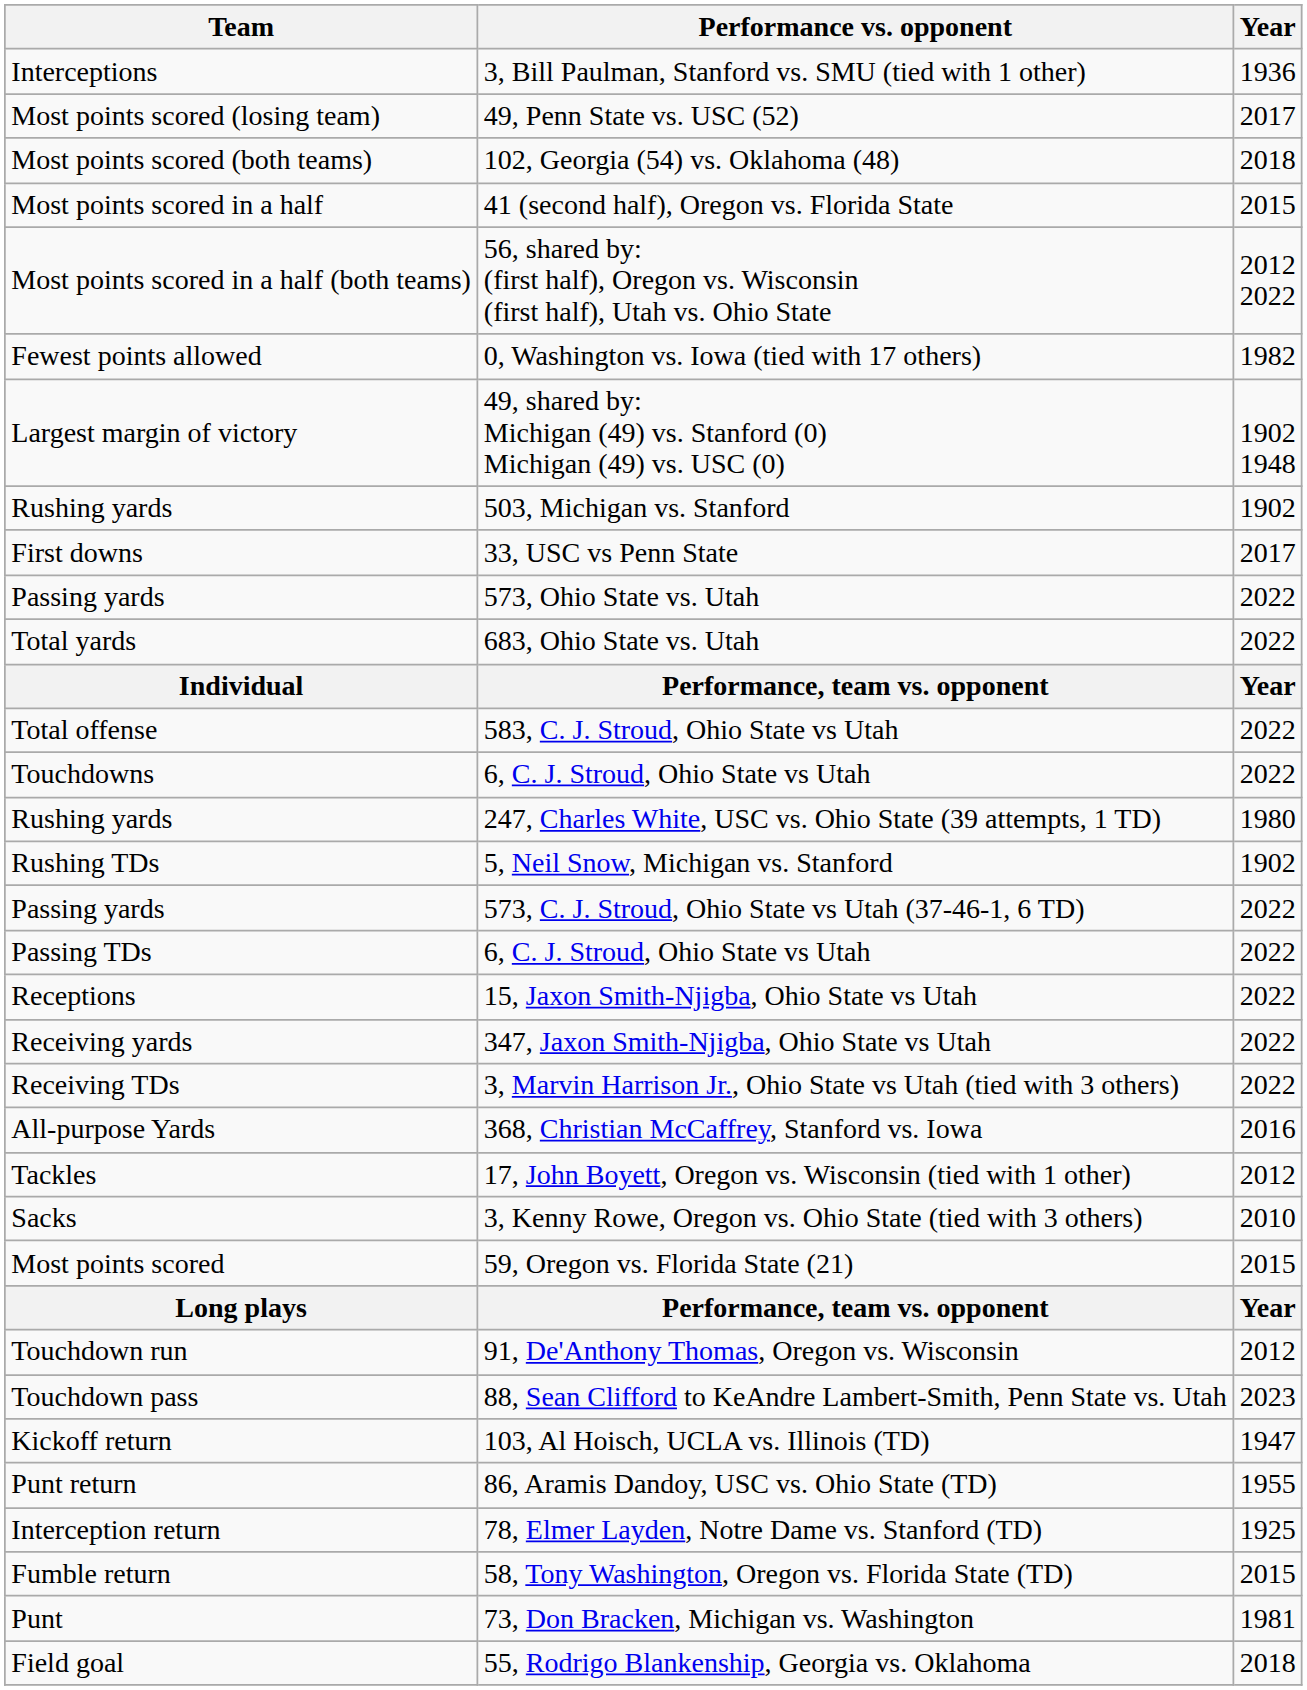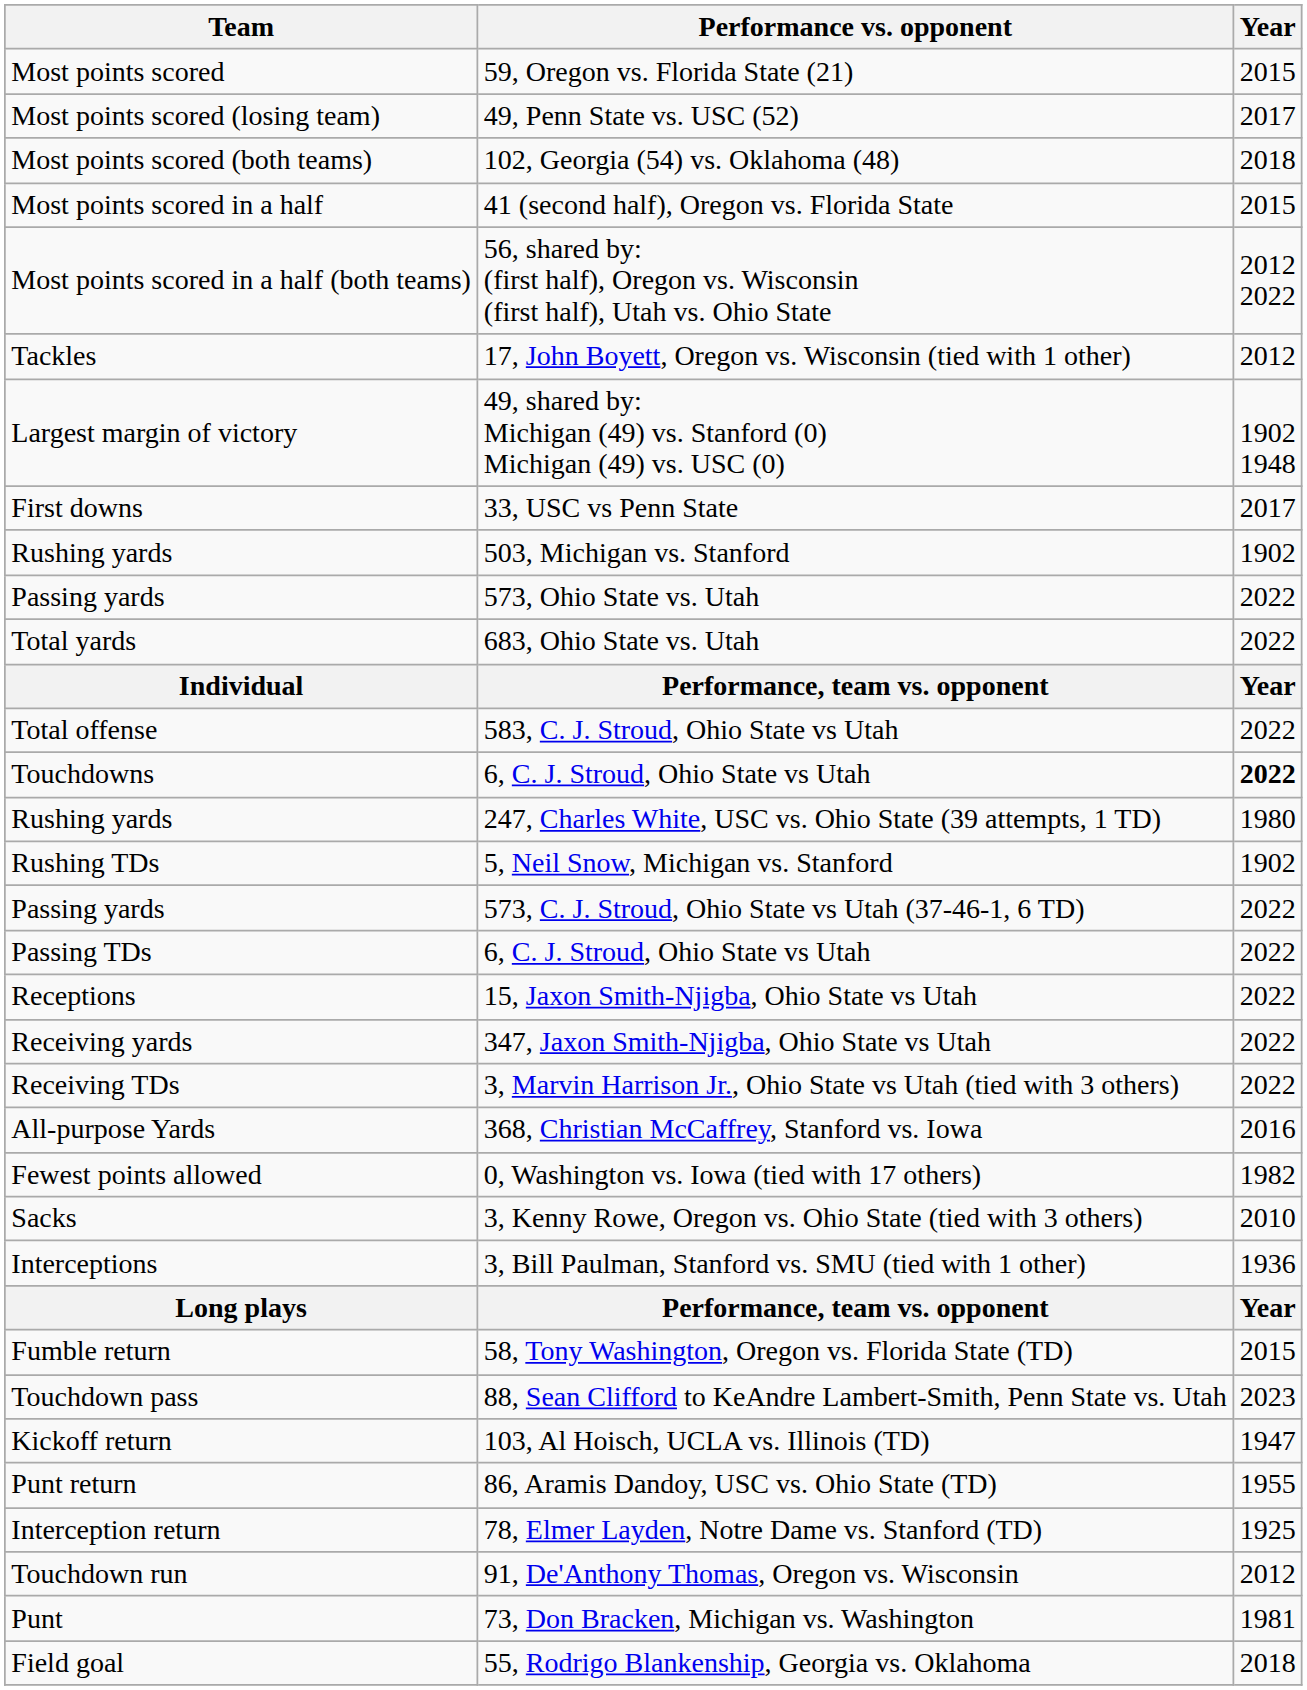 <table class="wikitable">
 <tr>
 <th>Team</th>
 <th>Performance vs. opponent</th>
 <th>Year</th>
 </tr>
 <tr>
-<td>Interceptions</td>
-<td>3, Bill Paulman, Stanford vs. SMU (tied with 1 other)</td>
-<td>1936</td>
+<td>Most points scored</td>
+<td>59, Oregon vs. Florida State (21)</td>
+<td>2015</td>
 </tr>
 <tr>
 <td>Most points scored (losing team)</td>
 <td>49, Penn State vs. USC (52)</td>
 <td>2017</td>
 </tr>
 <tr>
 <td>Most points scored (both teams)</td>
 <td>102, Georgia (54) vs. Oklahoma (48)</td>
 <td>2018</td>
 </tr>
 <tr>
 <td>Most points scored in a half</td>
 <td>41 (second half), Oregon vs. Florida State</td>
 <td>2015</td>
 </tr>
 <tr>
 <td>Most points scored in a half (both teams)</td>
 <td>56, shared by:<br>(first half), Oregon vs. Wisconsin <br>(first half), Utah vs. Ohio State</td>
 <td>2012<br>2022</td>
 </tr>
 <tr>
-<td>Fewest points allowed</td>
-<td>0, Washington vs. Iowa (tied with 17 others)</td>
-<td>1982</td>
+<td>Tackles</td>
+<td>17, <a href='#'>John Boyett</a>, Oregon vs. Wisconsin (tied with 1 other)</td>
+<td>2012</td>
 </tr>
 <tr>
 <td>Largest margin of victory</td>
 <td>49, shared by:<br>Michigan (49) vs. Stanford (0)<br>Michigan (49) vs. USC (0)</td>
 <td><br>1902<br>1948</td>
 </tr>
 <tr>
+<td>First downs</td>
+<td>33, USC vs Penn State</td>
+<td>2017</td>
+</tr>
+<tr>
 <td>Rushing yards</td>
 <td>503, Michigan vs. Stanford</td>
 <td>1902</td>
-</tr>
-<tr>
-<td>First downs</td>
-<td>33, USC vs Penn State</td>
-<td>2017</td>
 </tr>
 <tr>
 <td>Passing yards</td>
 <td>573, Ohio State vs. Utah</td>
 <td>2022</td>
 </tr>
 <tr>
 <td>Total yards</td>
 <td>683, Ohio State vs. Utah</td>
 <td>2022</td>
 </tr>
 <tr>
 <th>Individual</th>
 <th>Performance, team vs. opponent</th>
 <th>Year</th>
 </tr>
 <tr>
 <td>Total offense</td>
 <td>583, <a href='#'>C. J. Stroud</a>, Ohio State vs Utah</td>
 <td>2022</td>
 </tr>
 <tr>
 <td>Touchdowns</td>
 <td>6, <a href='#'>C. J. Stroud</a>, Ohio State vs Utah</td>
-<td>2022</td>
+<td><strong>2022</strong></td>
 </tr>
 <tr>
 <td>Rushing yards</td>
 <td>247, <a href='#'>Charles White</a>, USC vs. Ohio State (39 attempts, 1 TD)</td>
 <td>1980</td>
 </tr>
 <tr>
 <td>Rushing TDs</td>
 <td>5, <a href='#'>Neil Snow</a>, Michigan vs. Stanford</td>
 <td>1902</td>
 </tr>
 <tr>
 <td>Passing yards</td>
 <td>573, <a href='#'>C. J. Stroud</a>, Ohio State vs Utah (37-46-1, 6 TD)</td>
 <td>2022</td>
 </tr>
 <tr>
 <td>Passing TDs</td>
 <td>6, <a href='#'>C. J. Stroud</a>, Ohio State vs Utah</td>
 <td>2022</td>
 </tr>
 <tr>
 <td>Receptions</td>
 <td>15, <a href='#'>Jaxon Smith-Njigba</a>, Ohio State vs Utah</td>
 <td>2022</td>
 </tr>
 <tr>
 <td>Receiving yards</td>
 <td>347, <a href='#'>Jaxon Smith-Njigba</a>, Ohio State vs Utah</td>
 <td>2022</td>
 </tr>
 <tr>
 <td>Receiving TDs</td>
 <td>3, <a href='#'>Marvin Harrison Jr.</a>, Ohio State vs Utah (tied with 3 others)</td>
 <td>2022</td>
 </tr>
 <tr>
 <td>All-purpose Yards</td>
 <td>368, <a href='#'>Christian McCaffrey</a>, Stanford vs. Iowa</td>
 <td>2016</td>
 </tr>
 <tr>
-<td>Tackles</td>
-<td>17, <a href='#'>John Boyett</a>, Oregon vs. Wisconsin (tied with 1 other)</td>
-<td>2012</td>
+<td>Fewest points allowed</td>
+<td>0, Washington vs. Iowa (tied with 17 others)</td>
+<td>1982</td>
 </tr>
 <tr>
 <td>Sacks</td>
 <td>3, Kenny Rowe, Oregon vs. Ohio State (tied with 3 others)</td>
 <td>2010</td>
 </tr>
 <tr>
-<td>Most points scored</td>
-<td>59, Oregon vs. Florida State (21)</td>
-<td>2015</td>
+<td>Interceptions</td>
+<td>3, Bill Paulman, Stanford vs. SMU (tied with 1 other)</td>
+<td>1936</td>
 </tr>
 <tr>
 <th>Long plays</th>
 <th>Performance, team vs. opponent</th>
 <th>Year</th>
 </tr>
 <tr>
-<td>Touchdown run</td>
-<td>91, <a href='#'>De'Anthony Thomas</a>, Oregon vs. Wisconsin</td>
-<td>2012</td>
+<td>Fumble return</td>
+<td>58, <a href='#'>Tony Washington</a>, Oregon vs. Florida State (TD)</td>
+<td>2015</td>
 </tr>
 <tr>
 <td>Touchdown pass</td>
 <td>88, <a href='#'>Sean Clifford</a> to KeAndre Lambert-Smith, Penn State vs. Utah</td>
 <td>2023</td>
 </tr>
 <tr>
 <td>Kickoff return</td>
 <td>103, Al Hoisch, UCLA vs. Illinois (TD)</td>
 <td>1947</td>
 </tr>
 <tr>
 <td>Punt return</td>
 <td>86, Aramis Dandoy, USC vs. Ohio State (TD)</td>
 <td>1955</td>
 </tr>
 <tr>
 <td>Interception return</td>
 <td>78, <a href='#'>Elmer Layden</a>, Notre Dame vs. Stanford (TD)</td>
 <td>1925</td>
 </tr>
 <tr>
-<td>Fumble return</td>
-<td>58, <a href='#'>Tony Washington</a>, Oregon vs. Florida State (TD)</td>
-<td>2015</td>
+<td>Touchdown run</td>
+<td>91, <a href='#'>De'Anthony Thomas</a>, Oregon vs. Wisconsin</td>
+<td>2012</td>
 </tr>
 <tr>
 <td>Punt</td>
 <td>73, <a href='#'>Don Bracken</a>, Michigan vs. Washington</td>
 <td>1981</td>
 </tr>
 <tr>
 <td>Field goal</td>
 <td>55, <a href='#'>Rodrigo Blankenship</a>, Georgia vs. Oklahoma</td>
 <td>2018</td>
 </tr>
 </table>
